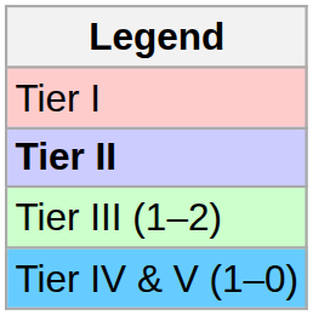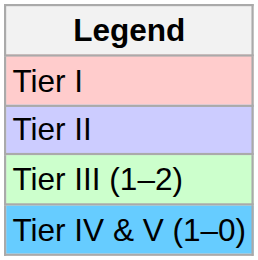 <table class="wikitable" style="font-size:90%;">
 <tr>
 <th>Legend</th>
 </tr>
 <tr>
 <td bgcolor=#ffcccc>Tier I</td>
 </tr>
 <tr>
-<td bgcolor=#ccccff><strong>Tier II</strong></td>
+<td bgcolor=#ccccff>Tier II</td>
 </tr>
 <tr>
 <td bgcolor=#CCFFCC>Tier III (1–2)</td>
 </tr>
 <tr>
 <td bgcolor=#66CCFF>Tier IV & V (1–0)</td>
 </tr>
 </table>
